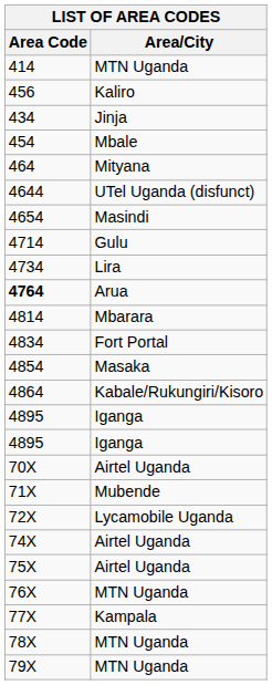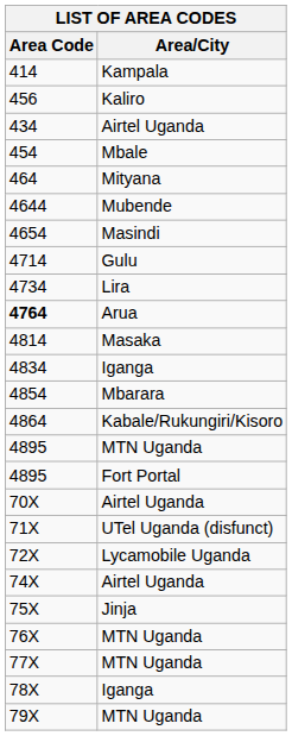 <table class="wikitable" border="1">
 <tr>
 <th colspan="2">LIST OF AREA CODES</th>
 </tr>
 <tr>
 <th>Area Code</th>
 <th>Area/City</th>
 </tr>
 <tr>
 <td>414</td>
-<td>MTN Uganda</td>
+<td>Kampala</td>
 </tr>
 <tr>
 <td>456</td>
 <td>Kaliro</td>
 </tr>
 <tr>
 <td>434</td>
-<td>Jinja</td>
+<td>Airtel Uganda</td>
 </tr>
 <tr>
 <td>454</td>
 <td>Mbale</td>
 </tr>
 <tr>
 <td>464</td>
 <td>Mityana</td>
 </tr>
 <tr>
 <td>4644</td>
-<td>UTel Uganda (disfunct)</td>
+<td>Mubende</td>
 </tr>
 <tr>
 <td>4654</td>
 <td>Masindi</td>
 </tr>
 <tr>
 <td>4714</td>
 <td>Gulu</td>
 </tr>
 <tr>
 <td>4734</td>
 <td>Lira</td>
 </tr>
 <tr>
 <td><strong>4764</strong></td>
 <td>Arua</td>
 </tr>
 <tr>
 <td>4814</td>
-<td>Mbarara</td>
+<td>Masaka</td>
 </tr>
 <tr>
 <td>4834</td>
-<td>Fort Portal</td>
+<td>Iganga</td>
 </tr>
 <tr>
 <td>4854</td>
-<td>Masaka</td>
+<td>Mbarara</td>
 </tr>
 <tr>
 <td>4864</td>
 <td>Kabale/Rukungiri/Kisoro</td>
 </tr>
 <tr>
 <td>4895</td>
-<td>Iganga</td>
+<td>MTN Uganda</td>
 </tr>
 <tr>
 <td>4895</td>
-<td>Iganga</td>
+<td>Fort Portal</td>
 </tr>
 <tr>
 <td>70X</td>
 <td>Airtel Uganda</td>
 </tr>
 <tr>
 <td>71X</td>
-<td>Mubende</td>
+<td>UTel Uganda (disfunct)</td>
 </tr>
 <tr>
 <td>72X</td>
 <td>Lycamobile Uganda</td>
 </tr>
 <tr>
 <td>74X</td>
 <td>Airtel Uganda</td>
 </tr>
 <tr>
 <td>75X</td>
-<td>Airtel Uganda</td>
+<td>Jinja</td>
 </tr>
 <tr>
 <td>76X</td>
 <td>MTN Uganda</td>
 </tr>
 <tr>
 <td>77X</td>
-<td>Kampala</td>
+<td>MTN Uganda</td>
 </tr>
 <tr>
 <td>78X</td>
-<td>MTN Uganda</td>
+<td>Iganga</td>
 </tr>
 <tr>
 <td>79X</td>
 <td>MTN Uganda</td>
 </tr>
 </table>
